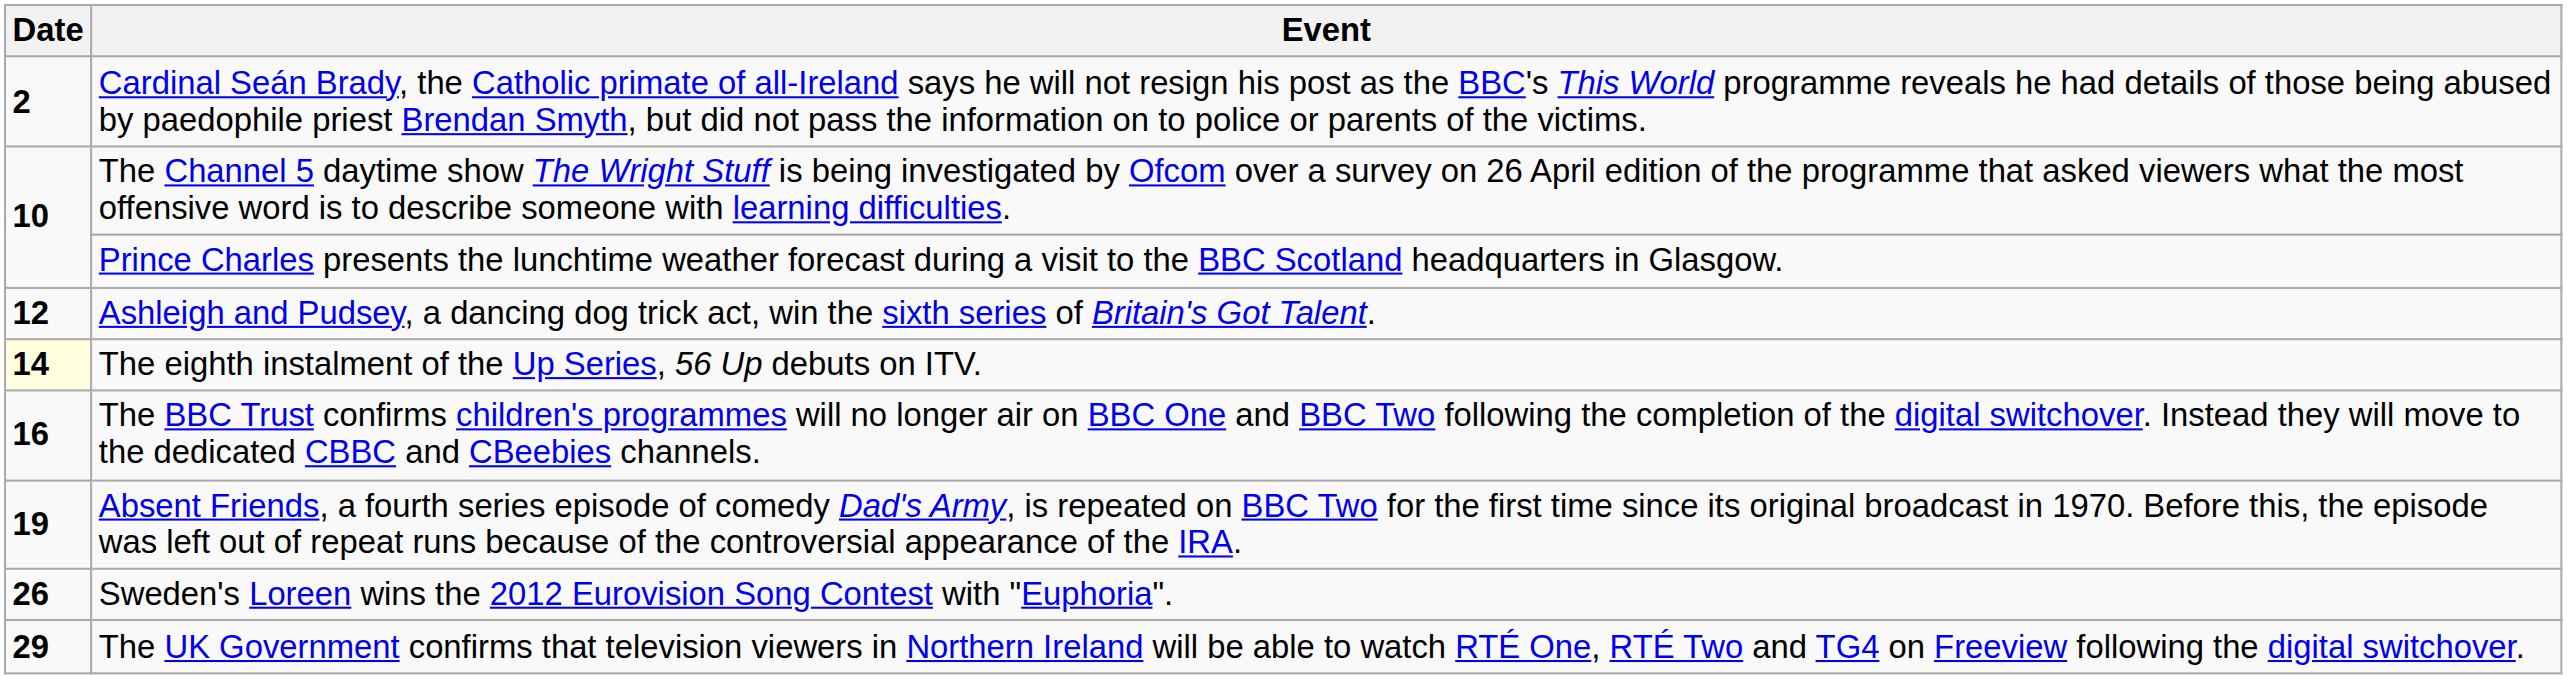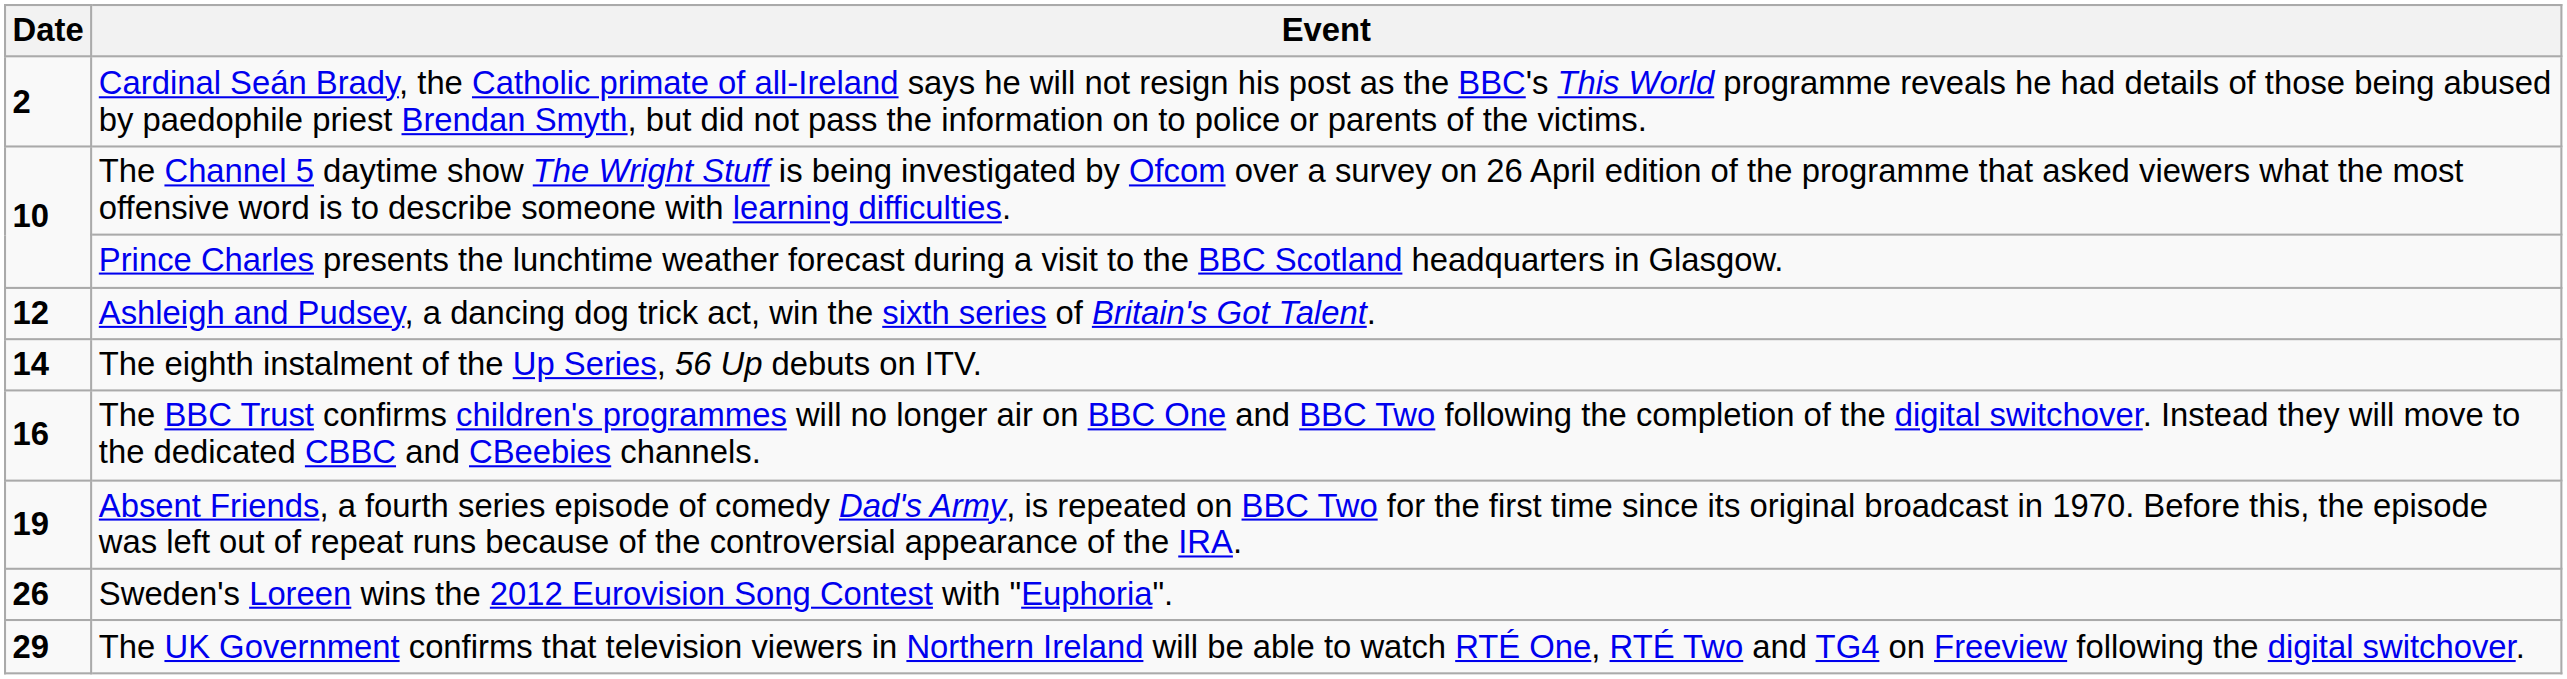 <table class="wikitable">
 <tr>
 <th>Date</th>
 <th>Event</th>
 </tr>
 <tr>
 <td><strong>2</strong></td>
 <td><a href='#'>Cardinal Seán Brady</a>, the <a href='#'>Catholic primate of all-Ireland</a> says he will not resign his post as the <a href='#'>BBC</a>'s <em><a href='#'>This World</a></em> programme reveals he had details of those being abused by paedophile priest <a href='#'>Brendan Smyth</a>, but did not pass the information on to police or parents of the victims.</td>
 </tr>
 <tr>
 <td rowspan=2><strong>10</strong></td>
 <td>The <a href='#'>Channel 5</a> daytime show <em><a href='#'>The Wright Stuff</a></em> is being investigated by <a href='#'>Ofcom</a> over a survey on 26 April edition of the programme that asked viewers what the most offensive word is to describe someone with <a href='#'>learning difficulties</a>.</td>
 </tr>
 <tr>
 <td><a href='#'>Prince Charles</a> presents the lunchtime weather forecast during a visit to the <a href='#'>BBC Scotland</a> headquarters in Glasgow.</td>
 </tr>
 <tr>
 <td><strong>12</strong></td>
 <td><a href='#'>Ashleigh and Pudsey</a>, a dancing dog trick act, win the <a href='#'>sixth series</a> of <em><a href='#'>Britain's Got Talent</a></em>.</td>
 </tr>
 <tr>
-<td style="background: lightyellow;"><strong>14</strong></td>
+<td><strong>14</strong></td>
 <td>The eighth instalment of the <a href='#'>Up Series</a>, <em>56 Up</em> debuts on ITV.</td>
 </tr>
 <tr>
 <td><strong>16</strong></td>
 <td>The <a href='#'>BBC Trust</a> confirms <a href='#'>children's programmes</a> will no longer air on <a href='#'>BBC One</a> and <a href='#'>BBC Two</a> following the completion of the <a href='#'>digital switchover</a>. Instead they will move to the dedicated <a href='#'>CBBC</a> and <a href='#'>CBeebies</a> channels.</td>
 </tr>
 <tr>
 <td><strong>19</strong></td>
 <td><a href='#'>Absent Friends</a>, a fourth series episode of comedy <em><a href='#'>Dad's Army</a></em>, is repeated on <a href='#'>BBC Two</a> for the first time since its original broadcast in 1970. Before this, the episode was left out of repeat runs because of the controversial appearance of the <a href='#'>IRA</a>.</td>
 </tr>
 <tr>
 <td><strong>26</strong></td>
 <td>Sweden's <a href='#'>Loreen</a> wins the <a href='#'>2012 Eurovision Song Contest</a> with "<a href='#'>Euphoria</a>".</td>
 </tr>
 <tr>
 <td><strong>29</strong></td>
 <td>The <a href='#'>UK Government</a> confirms that television viewers in <a href='#'>Northern Ireland</a> will be able to watch <a href='#'>RTÉ One</a>, <a href='#'>RTÉ Two</a> and <a href='#'>TG4</a> on <a href='#'>Freeview</a> following the <a href='#'>digital switchover</a>.</td>
 </tr>
 </table>
